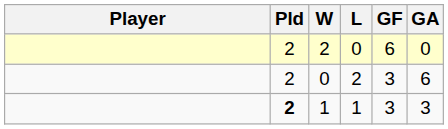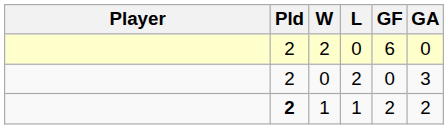 <table class=wikitable style="text-align:center">
 <tr>
 <th width=220>Player</th>
 <th width=20>Pld</th>
 <th width=20>W</th>
 <th width=20>L</th>
 <th width=20>GF</th>
 <th width=20>GA</th>
 </tr>
 <tr bgcolor=#ffffcc>
 <td align=left></td>
 <td>2</td>
 <td>2</td>
 <td>0</td>
 <td>6</td>
 <td>0</td>
 </tr>
 <tr>
 <td align=left></td>
 <td>2</td>
 <td>0</td>
 <td>2</td>
+<td>0</td>
 <td>3</td>
-<td>6</td>
 </tr>
 <tr>
 <td align=left></td>
 <td><strong>2</strong></td>
 <td>1</td>
 <td>1</td>
-<td>3</td>
-<td>3</td>
+<td>2</td>
+<td>2</td>
 </tr>
 </table>
